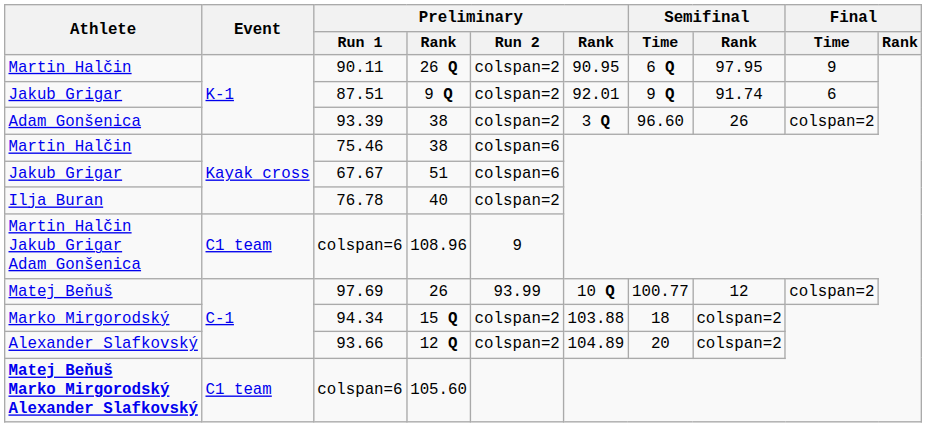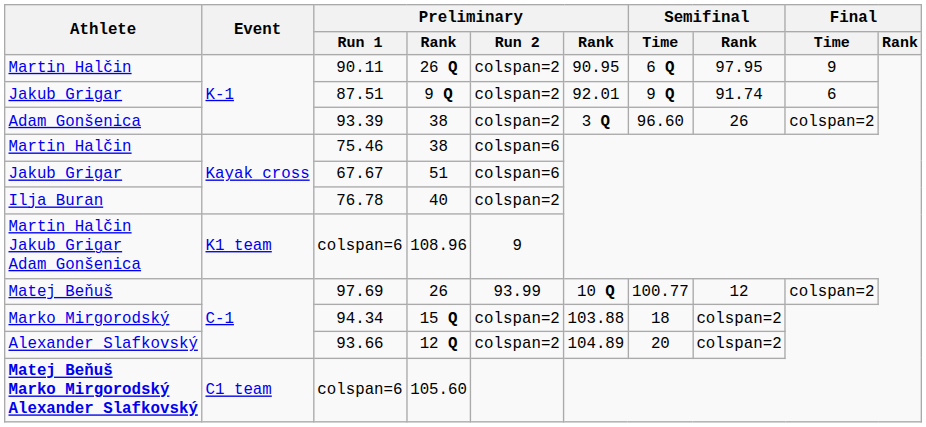 <table class=wikitable style=font-size:90%;text-align:center>
 <tr>
 <th rowspan=2>Athlete</th>
 <th rowspan=2>Event</th>
 <th colspan=4>Preliminary</th>
 <th colspan=2>Semifinal</th>
 <th colspan=2>Final</th>
 </tr>
 <tr style=font-size:95%>
 <th>Run 1</th>
 <th>Rank</th>
 <th>Run 2</th>
 <th>Rank</th>
 <th>Time</th>
 <th>Rank</th>
 <th>Time</th>
 <th>Rank</th>
 </tr>
 <tr>
 <td align=left><a href='#'>Martin Halčin</a></td>
 <td align=left rowspan=3><a href='#'>K-1</a></td>
 <td>90.11</td>
 <td>26 <strong>Q</strong></td>
 <td>colspan=2 </td>
 <td>90.95</td>
 <td>6 <strong>Q</strong></td>
 <td>97.95</td>
 <td>9</td>
 </tr>
 <tr>
 <td align=left><a href='#'>Jakub Grigar</a></td>
 <td>87.51</td>
 <td>9 <strong>Q</strong></td>
 <td>colspan=2 </td>
 <td>92.01</td>
 <td>9 <strong>Q</strong></td>
 <td>91.74</td>
 <td>6</td>
 </tr>
 <tr>
 <td align=left><a href='#'>Adam Gonšenica</a></td>
 <td>93.39</td>
 <td>38</td>
 <td>colspan=2 </td>
 <td>3 <strong>Q</strong></td>
 <td>96.60</td>
 <td>26</td>
 <td>colspan=2 </td>
 </tr>
 <tr>
 <td align=left><a href='#'>Martin Halčin</a></td>
 <td align=left rowspan=3><a href='#'>Kayak cross</a></td>
 <td>75.46</td>
 <td>38</td>
 <td>colspan=6 </td>
 </tr>
 <tr>
 <td align=left><a href='#'>Jakub Grigar</a></td>
 <td>67.67</td>
 <td>51</td>
 <td>colspan=6 </td>
 </tr>
 <tr>
 <td align=left><a href='#'>Ilja Buran</a></td>
 <td>76.78</td>
 <td>40</td>
 <td>colspan=2 </td>
 </tr>
 <tr>
 <td align=left><a href='#'>Martin Halčin</a><br><a href='#'>Jakub Grigar</a><br><a href='#'>Adam Gonšenica</a></td>
-<td align=left><a href='#'>C1 team</a></td>
+<td align=left><a href='#'>K1 team</a></td>
 <td>colspan=6 </td>
 <td>108.96</td>
 <td>9</td>
 </tr>
 <tr>
 <td align=left><a href='#'>Matej Beňuš</a></td>
 <td align=left rowspan=3><a href='#'>C-1</a></td>
 <td>97.69</td>
 <td>26</td>
 <td>93.99</td>
 <td>10 <strong>Q</strong></td>
 <td>100.77</td>
 <td>12</td>
 <td>colspan=2 </td>
 </tr>
 <tr>
 <td align=left><a href='#'>Marko Mirgorodský</a></td>
 <td>94.34</td>
 <td>15 <strong>Q</strong></td>
 <td>colspan=2 </td>
 <td>103.88</td>
 <td>18</td>
 <td>colspan=2 </td>
 </tr>
 <tr>
 <td align=left><a href='#'>Alexander Slafkovský</a></td>
 <td>93.66</td>
 <td>12 <strong>Q</strong></td>
 <td>colspan=2 </td>
 <td>104.89</td>
 <td>20</td>
 <td>colspan=2 </td>
 </tr>
 <tr>
 <td align=left><strong><a href='#'>Matej Beňuš</a></strong><br><strong><a href='#'>Marko Mirgorodský</a></strong><br><strong><a href='#'>Alexander Slafkovský</a></strong></td>
 <td align=left><a href='#'>C1 team</a></td>
 <td>colspan=6 </td>
 <td>105.60</td>
 <td></td>
 </tr>
 </table>
